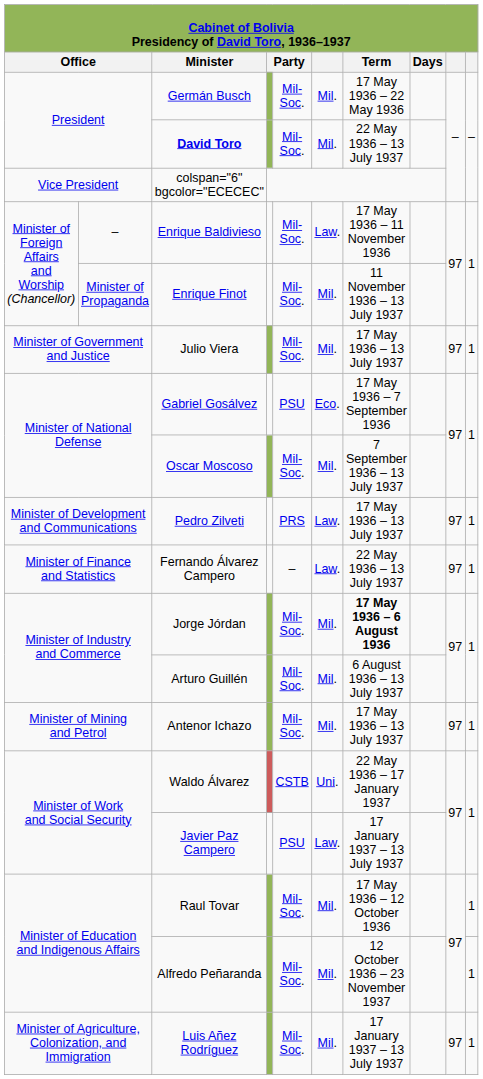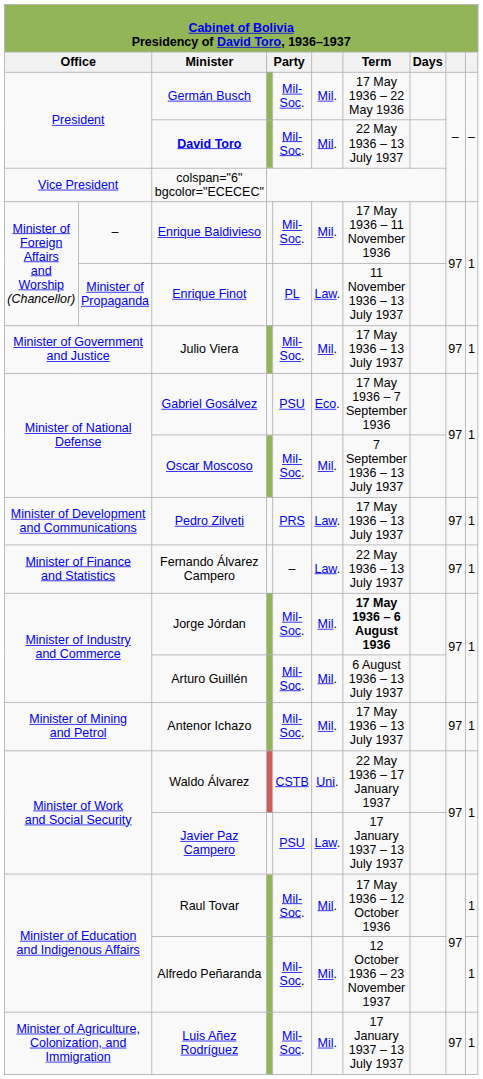 <table class="wikitable" style="text-align:center;">
 <tr>
 <th colspan="10" style="background-color:#92B558;"><br><a href='#'>Cabinet of Bolivia</a><br>Presidency of <a href='#'>David Toro</a>, 1936–1937</th>
 </tr>
 <tr style="font-weight:bold;">
 <th colspan="2">Office</th>
 <th>Minister</th>
 <th colspan="2">Party</th>
 <th></th>
 <th>Term</th>
 <th>Days</th>
 <th></th>
 <th><br></th>
 </tr>
 <tr style="height:3em;">
 <td colspan="2" rowspan="2"><a href='#'>President</a></td>
 <td><a href='#'>Germán Busch</a></td>
 <td style="background:#92B558;"></td>
 <td><a href='#'>Mil-Soc</a>.</td>
 <td><a href='#'>Mil</a>.</td>
 <td>17 May 1936 – 22 May 1936</td>
 <td></td>
 <td rowspan="3">–</td>
 <td rowspan="3">–</td>
 </tr>
 <tr style="height:3em;">
 <td><strong><a href='#'>David Toro</a></strong></td>
 <td style="background:#92B558;"></td>
 <td><a href='#'>Mil-Soc</a>.</td>
 <td><a href='#'>Mil</a>.</td>
 <td>22 May 1936 – 13 July 1937</td>
 <td><br></td>
 </tr>
 <tr>
 <td colspan="2"><a href='#'>Vice President</a></td>
 <td>colspan="6" bgcolor="ECECEC" <br></td>
 </tr>
 <tr style="height:3em;">
 <td rowspan="2"><a href='#'>Minister of Foreign Affairs<br>and Worship</a><br><em>(Chancellor)</em></td>
 <td>–</td>
 <td><a href='#'>Enrique Baldivieso</a></td>
 <td style="background:"></td>
 <td><a href='#'>Mil-Soc</a>.</td>
-<td><a href='#'>Law</a>.</td>
+<td><a href='#'>Mil</a>.</td>
 <td>17 May 1936 – 11 November 1936</td>
 <td></td>
 <td rowspan="2">97</td>
 <td rowspan="2">1</td>
 </tr>
 <tr style="height:3em;">
 <td><a href='#'>Minister of<br>Propaganda</a></td>
 <td><a href='#'>Enrique Finot</a></td>
 <td style="background:"></td>
-<td><a href='#'>Mil-Soc</a>.</td>
-<td><a href='#'>Mil</a>.</td>
+<td><a href='#'>PL</a></td>
+<td><a href='#'>Law</a>.</td>
 <td>11 November 1936 – 13 July 1937</td>
 <td><br></td>
 </tr>
 <tr style="height:3em;">
 <td colspan="2"><a href='#'>Minister of Government<br>and Justice</a></td>
 <td>Julio Viera</td>
 <td style="background:#92B558;"></td>
 <td><a href='#'>Mil-Soc</a>.</td>
 <td><a href='#'>Mil</a>.</td>
 <td>17 May 1936 – 13 July 1937</td>
 <td></td>
 <td>97</td>
 <td>1<br></td>
 </tr>
 <tr style="height:3em;">
 <td rowspan="2" colspan="2"><a href='#'>Minister of National Defense</a></td>
 <td><a href='#'>Gabriel Gosálvez</a></td>
 <td style="background:"></td>
 <td><a href='#'>PSU</a></td>
 <td><a href='#'>Eco</a>.</td>
 <td>17 May 1936 – 7 September 1936</td>
 <td></td>
 <td rowspan="2">97</td>
 <td rowspan="2">1</td>
 </tr>
 <tr style="height:3em;">
 <td><a href='#'>Oscar Moscoso</a></td>
 <td style="background:#92B558;"></td>
 <td><a href='#'>Mil-Soc</a>.</td>
 <td><a href='#'>Mil</a>.</td>
 <td>7 September 1936 – 13 July 1937</td>
 <td><br></td>
 </tr>
 <tr style="height:3em;">
 <td colspan="2"><a href='#'>Minister of Development<br>and Communications</a></td>
 <td><a href='#'>Pedro Zilveti</a></td>
 <td style="background:"></td>
 <td><a href='#'>PRS</a></td>
 <td><a href='#'>Law</a>.</td>
 <td>17 May 1936 – 13 July 1937</td>
 <td></td>
 <td>97</td>
 <td>1<br></td>
 </tr>
 <tr style="height:3em;">
 <td colspan="2"><a href='#'>Minister of Finance<br>and Statistics</a></td>
 <td>Fernando Álvarez Campero</td>
 <td style="background:"></td>
 <td>–</td>
 <td><a href='#'>Law</a>.</td>
 <td>22 May 1936 – 13 July 1937</td>
 <td></td>
 <td>97</td>
 <td>1<br></td>
 </tr>
 <tr style="height:3em;">
 <td colspan="2" rowspan="2"><a href='#'>Minister of Industry<br>and Commerce</a></td>
 <td>Jorge Jórdan</td>
 <td style="background:#92B558;"></td>
 <td><a href='#'>Mil-Soc</a>.</td>
 <td><a href='#'>Mil</a>.</td>
 <td><strong>17 May 1936 – 6 August 1936</strong></td>
 <td></td>
 <td rowspan="2">97</td>
 <td rowspan="2">1</td>
 </tr>
 <tr style="height:3em;">
 <td>Arturo Guillén</td>
 <td style="background:#92B558;"></td>
 <td><a href='#'>Mil-Soc</a>.</td>
 <td><a href='#'>Mil</a>.</td>
 <td>6 August 1936 – 13 July 1937</td>
 <td><br></td>
 </tr>
 <tr style="height:3em;">
 <td colspan="2"><a href='#'>Minister of Mining<br>and Petrol</a></td>
 <td>Antenor Ichazo</td>
 <td style="background:#92B558;"></td>
 <td><a href='#'>Mil-Soc</a>.</td>
 <td><a href='#'>Mil</a>.</td>
 <td>17 May 1936 – 13 July 1937</td>
 <td></td>
 <td>97</td>
 <td>1<br></td>
 </tr>
 <tr style="height:3em;">
 <td colspan="2" rowspan="2"><a href='#'>Minister of Work<br>and Social Security</a></td>
 <td>Waldo Álvarez</td>
 <td style="background:#CD5C5C;"></td>
 <td><a href='#'>CSTB</a></td>
 <td><a href='#'>Uni</a>.</td>
 <td>22 May 1936 – 17 January 1937</td>
 <td></td>
 <td rowspan="2">97</td>
 <td rowspan="2">1</td>
 </tr>
 <tr style="height:3em;">
 <td><a href='#'>Javier Paz Campero</a></td>
 <td style="background:"></td>
 <td><a href='#'>PSU</a></td>
 <td><a href='#'>Law</a>.</td>
 <td>17 January 1937 – 13 July 1937</td>
 <td><br></td>
 </tr>
 <tr style="height:3em;">
 <td colspan="2" rowspan="2"><a href='#'>Minister of Education<br>and Indigenous Affairs</a></td>
 <td>Raul Tovar</td>
 <td style="background:#92B558;"></td>
 <td><a href='#'>Mil-Soc</a>.</td>
 <td><a href='#'>Mil</a>.</td>
 <td>17 May 1936 – 12 October 1936</td>
 <td></td>
 <td rowspan="2">97</td>
 <td>1</td>
 </tr>
 <tr style="height:3em;">
 <td>Alfredo Peñaranda</td>
 <td style="background:#92B558;"></td>
 <td><a href='#'>Mil-Soc</a>.</td>
 <td><a href='#'>Mil</a>.</td>
 <td>12 October 1936 – 23 November 1937</td>
 <td></td>
 <td>1<br></td>
 </tr>
 <tr style="height:3em;">
 <td colspan="2"><a href='#'>Minister of Agriculture,<br>Colonization, and<br>Immigration</a></td>
 <td><a href='#'>Luis Añez Rodríguez</a></td>
 <td style="background:#92B558;"></td>
 <td><a href='#'>Mil-Soc</a>.</td>
 <td><a href='#'>Mil</a>.</td>
 <td>17 January 1937 – 13 July 1937</td>
 <td></td>
 <td>97</td>
 <td>1</td>
 </tr>
 </table>
